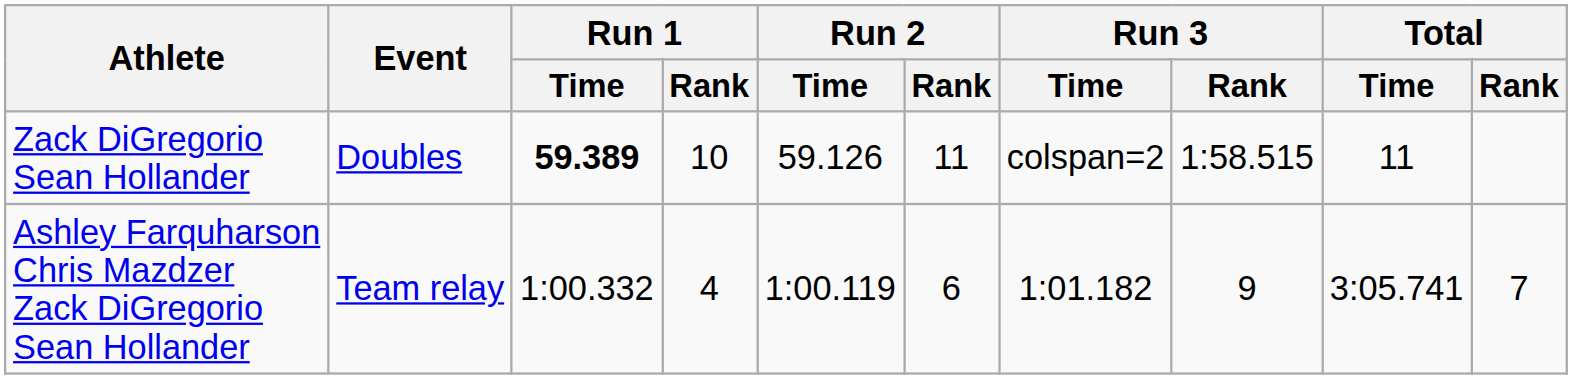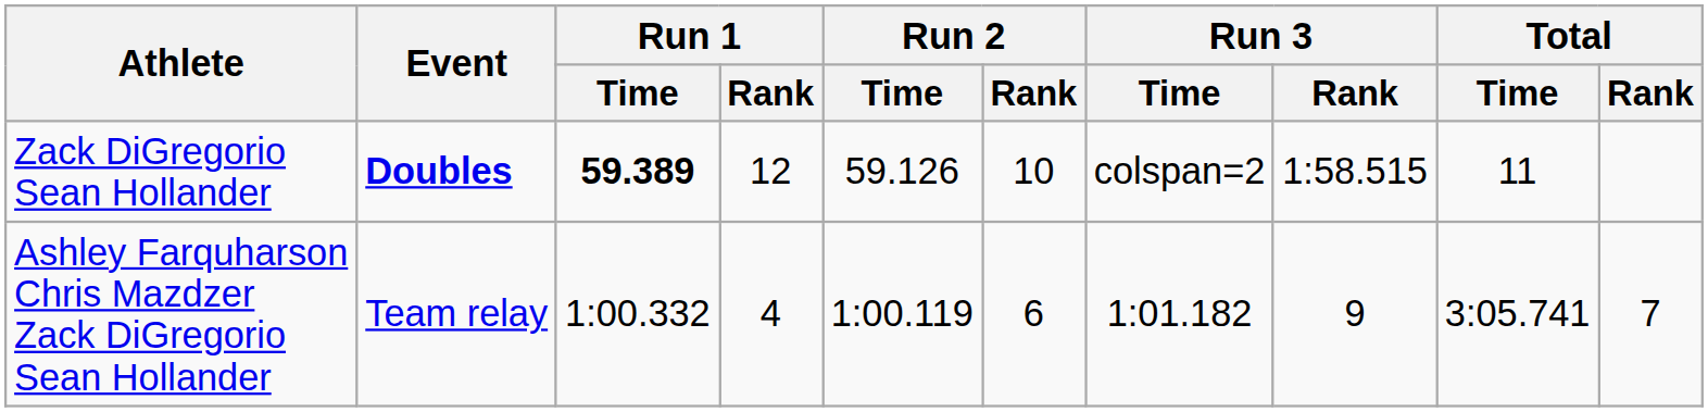 <table class=wikitable style=text-align:center;font-size:95%>
 <tr>
 <th rowspan=2>Athlete</th>
 <th rowspan=2>Event</th>
 <th colspan=2>Run 1</th>
 <th colspan=2>Run 2</th>
 <th colspan=2>Run 3</th>
 <th colspan=2>Total</th>
 </tr>
 <tr style=font-size:95%>
 <th>Time</th>
 <th>Rank</th>
 <th>Time</th>
 <th>Rank</th>
 <th>Time</th>
 <th>Rank</th>
 <th>Time</th>
 <th>Rank</th>
 </tr>
 <tr>
 <td align=left><a href='#'>Zack DiGregorio</a><br><a href='#'>Sean Hollander</a></td>
-<td align=left><a href='#'>Doubles</a></td>
+<td align=left><strong><a href='#'>Doubles</a></strong></td>
 <td><strong>59.389</strong></td>
+<td>12</td>
+<td>59.126</td>
 <td>10</td>
-<td>59.126</td>
-<td>11</td>
 <td>colspan=2 </td>
 <td>1:58.515</td>
 <td>11</td>
 </tr>
 <tr>
 <td align=left><a href='#'>Ashley Farquharson</a><br><a href='#'>Chris Mazdzer</a><br><a href='#'>Zack DiGregorio</a><br><a href='#'>Sean Hollander</a></td>
 <td align=left><a href='#'>Team relay</a></td>
 <td>1:00.332</td>
 <td>4</td>
 <td>1:00.119</td>
 <td>6</td>
 <td>1:01.182</td>
 <td>9</td>
 <td>3:05.741</td>
 <td>7</td>
 </tr>
 </table>
